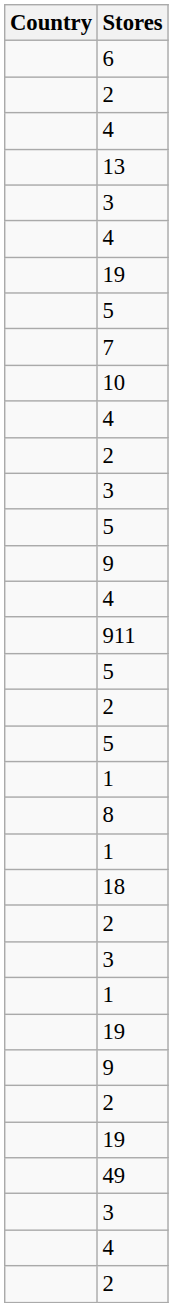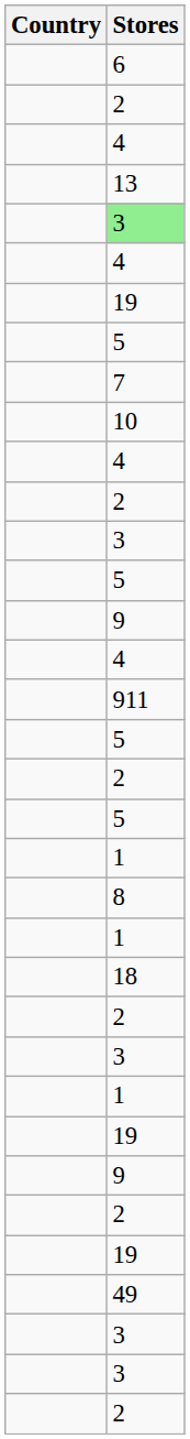 <table class="wikitable sortable collapsible collapsed">
 <tr>
 <th>Country</th>
 <th>Stores</th>
 </tr>
 <tr>
 <td></td>
 <td>6</td>
 </tr>
 <tr>
 <td></td>
 <td>2</td>
 </tr>
 <tr>
 <td></td>
 <td>4</td>
 </tr>
 <tr>
 <td></td>
 <td>13</td>
 </tr>
 <tr>
 <td></td>
-<td>3</td>
+<td style="background: lightgreen;">3</td>
 </tr>
 <tr>
 <td></td>
 <td>4</td>
 </tr>
 <tr>
 <td></td>
 <td>19</td>
 </tr>
 <tr>
 <td></td>
 <td>5</td>
 </tr>
 <tr>
 <td></td>
 <td>7</td>
 </tr>
 <tr>
 <td></td>
 <td>10</td>
 </tr>
 <tr>
 <td></td>
 <td>4</td>
 </tr>
 <tr>
 <td></td>
 <td>2</td>
 </tr>
 <tr>
 <td></td>
 <td>3</td>
 </tr>
 <tr>
 <td></td>
 <td>5</td>
 </tr>
 <tr>
 <td></td>
 <td>9</td>
 </tr>
 <tr>
 <td></td>
 <td>4</td>
 </tr>
 <tr>
 <td></td>
 <td>911</td>
 </tr>
 <tr>
 <td></td>
 <td>5</td>
 </tr>
 <tr>
 <td></td>
 <td>2</td>
 </tr>
 <tr>
 <td></td>
 <td>5</td>
 </tr>
 <tr>
 <td></td>
 <td>1</td>
 </tr>
 <tr>
 <td></td>
 <td>8</td>
 </tr>
 <tr>
 <td></td>
 <td>1</td>
 </tr>
 <tr>
 <td></td>
 <td>18</td>
 </tr>
 <tr>
 <td></td>
 <td>2</td>
 </tr>
 <tr>
 <td></td>
 <td>3</td>
 </tr>
 <tr>
 <td></td>
 <td>1</td>
 </tr>
 <tr>
 <td></td>
 <td>19</td>
 </tr>
 <tr>
 <td></td>
 <td>9</td>
 </tr>
 <tr>
 <td></td>
 <td>2</td>
 </tr>
 <tr>
 <td></td>
 <td>19</td>
 </tr>
 <tr>
 <td></td>
 <td>49</td>
 </tr>
 <tr>
 <td></td>
 <td>3</td>
 </tr>
 <tr>
 <td></td>
-<td>4</td>
+<td>3</td>
 </tr>
 <tr>
 <td></td>
 <td>2</td>
 </tr>
 </table>
